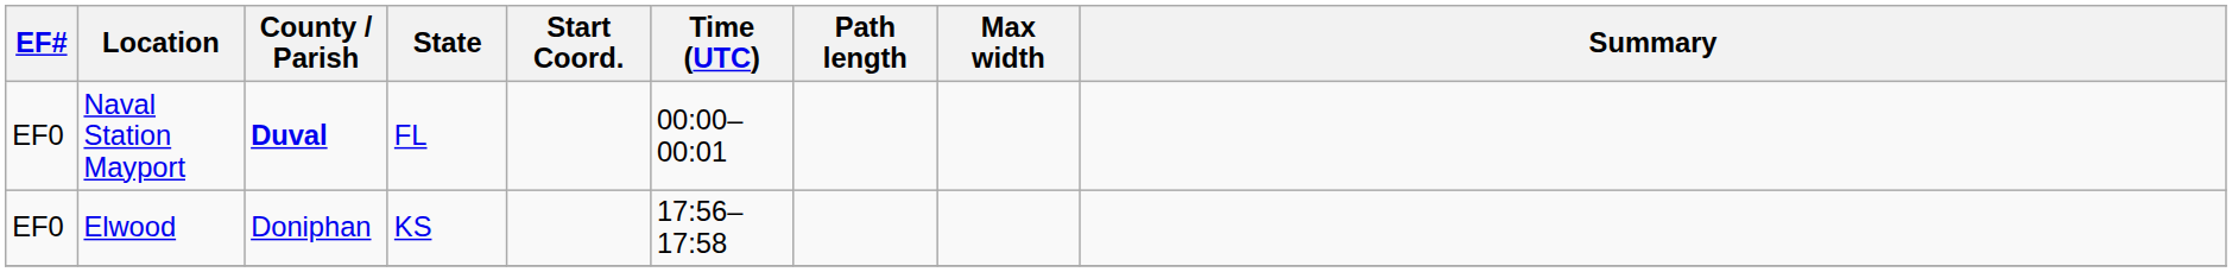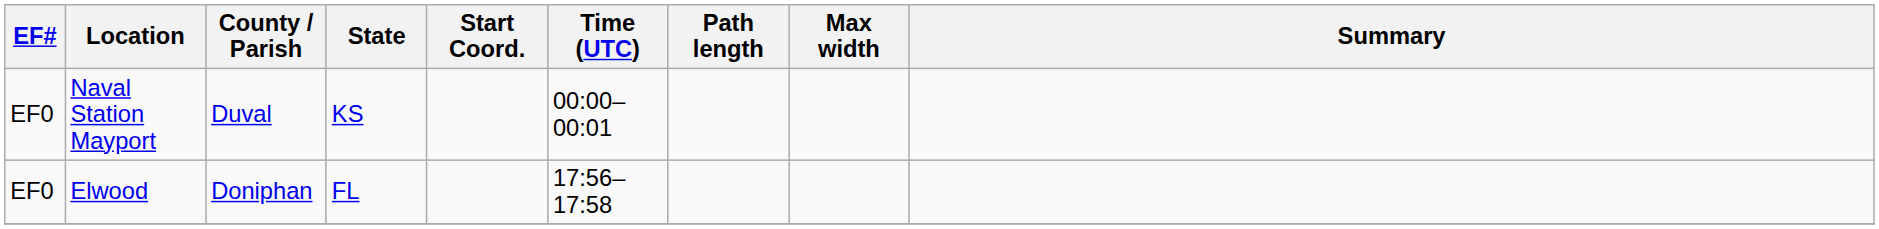 <table class="wikitable sortable" style="width:100%;">
 <tr>
 <th scope="col"  style="width:3%; text-align:center;"><a href='#'>EF#</a></th>
 <th scope="col"  style="width:7%; text-align:center;" class="unsortable">Location</th>
 <th scope="col"  style="width:6%; text-align:center;" class="unsortable">County / Parish</th>
 <th scope="col"  style="width:5%; text-align:center;">State</th>
 <th scope="col"  style="width:6%; text-align:center;">Start Coord.</th>
 <th scope="col"  style="width:6%; text-align:center;">Time (<a href='#'>UTC</a>)</th>
 <th scope="col"  style="width:6%; text-align:center;">Path length</th>
 <th scope="col"  style="width:6%; text-align:center;">Max width</th>
 <th scope="col" class="unsortable" style="width:48%; text-align:center;">Summary</th>
 </tr>
 <tr>
 <td>EF0</td>
 <td><a href='#'>Naval Station Mayport</a></td>
-<td><strong><a href='#'>Duval</a></strong></td>
-<td><a href='#'>FL</a></td>
+<td><a href='#'>Duval</a></td>
+<td><a href='#'>KS</a></td>
 <td></td>
 <td>00:00–00:01</td>
 <td></td>
 <td></td>
 <td></td>
 </tr>
 <tr>
 <td>EF0</td>
 <td><a href='#'>Elwood</a></td>
 <td><a href='#'>Doniphan</a></td>
-<td><a href='#'>KS</a></td>
+<td><a href='#'>FL</a></td>
 <td></td>
 <td>17:56–17:58</td>
 <td></td>
 <td></td>
 <td></td>
 </tr>
 <tr>
 </tr>
 </table>
